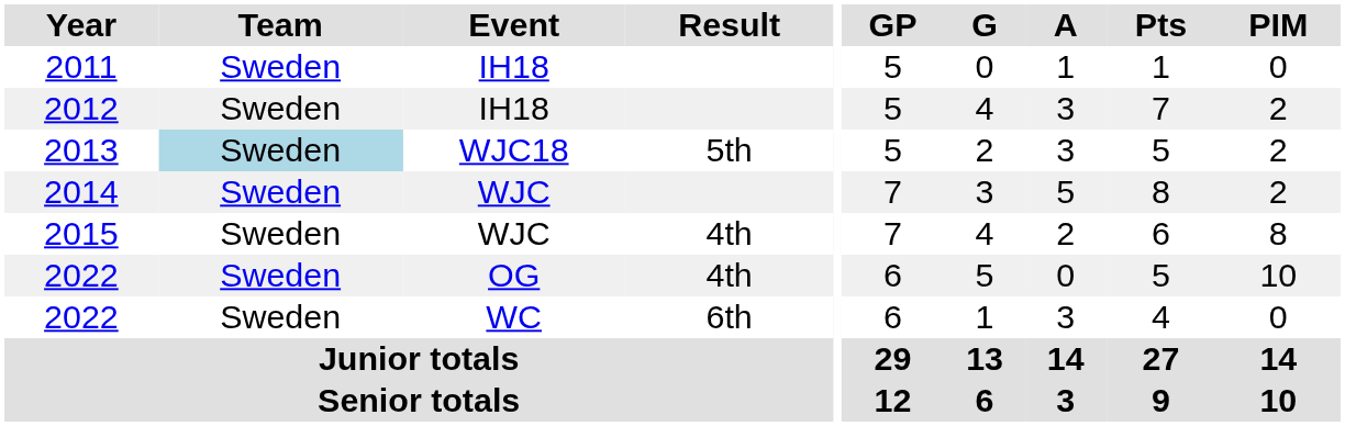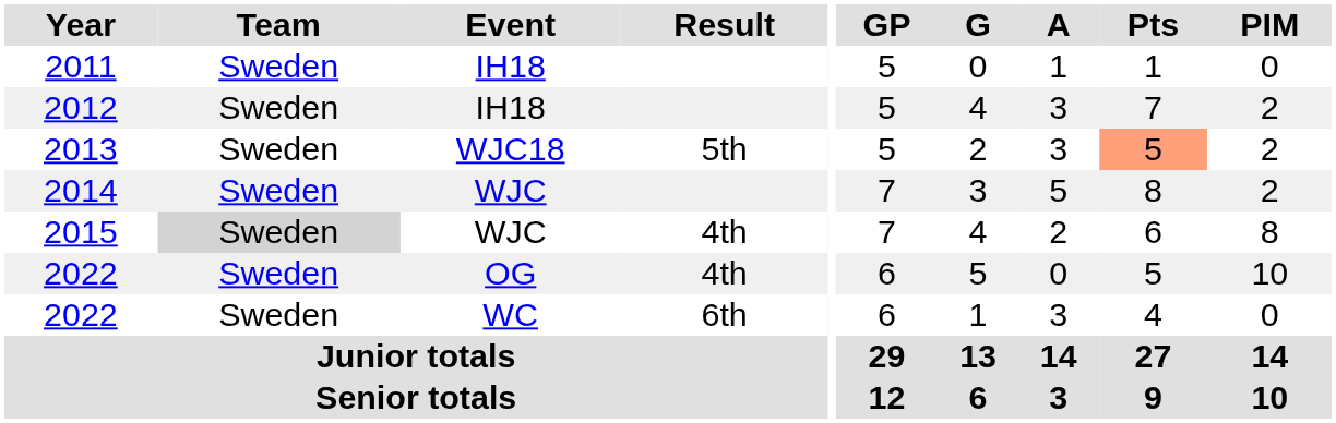 <table border="0" cellpadding="1" cellspacing="0" ID="Table3" style="text-align:center; width:40em">
 <tr ALIGN="center" bgcolor="#e0e0e0">
 <th>Year</th>
 <th>Team</th>
 <th>Event</th>
 <th>Result</th>
 <th rowspan="99" bgcolor="#ffffff"></th>
 <th>GP</th>
 <th>G</th>
 <th>A</th>
 <th>Pts</th>
 <th>PIM</th>
 </tr>
 <tr>
 <td><a href='#'>2011</a></td>
 <td><a href='#'>Sweden</a></td>
 <td><a href='#'>IH18</a></td>
 <td></td>
 <td>5</td>
 <td>0</td>
 <td>1</td>
 <td>1</td>
 <td>0</td>
 </tr>
 <tr bgcolor="#f0f0f0">
 <td><a href='#'>2012</a></td>
 <td>Sweden</td>
 <td>IH18</td>
 <td></td>
 <td>5</td>
 <td>4</td>
 <td>3</td>
 <td>7</td>
 <td>2</td>
 </tr>
 <tr>
 <td><a href='#'>2013</a></td>
-<td style="background: lightblue;">Sweden</td>
+<td>Sweden</td>
 <td><a href='#'>WJC18</a></td>
 <td>5th</td>
 <td>5</td>
 <td>2</td>
 <td>3</td>
-<td>5</td>
+<td style="background: lightsalmon;">5</td>
 <td>2</td>
 </tr>
 <tr bgcolor="#f0f0f0">
 <td><a href='#'>2014</a></td>
 <td><a href='#'>Sweden</a></td>
 <td><a href='#'>WJC</a></td>
 <td></td>
 <td>7</td>
 <td>3</td>
 <td>5</td>
 <td>8</td>
 <td>2</td>
 </tr>
 <tr>
 <td><a href='#'>2015</a></td>
-<td>Sweden</td>
+<td style="background: lightgrey;">Sweden</td>
 <td>WJC</td>
 <td>4th</td>
 <td>7</td>
 <td>4</td>
 <td>2</td>
 <td>6</td>
 <td>8</td>
 </tr>
 <tr bgcolor="#f0f0f0">
 <td><a href='#'>2022</a></td>
 <td><a href='#'>Sweden</a></td>
 <td><a href='#'>OG</a></td>
 <td>4th</td>
 <td>6</td>
 <td>5</td>
 <td>0</td>
 <td>5</td>
 <td>10</td>
 </tr>
 <tr>
 <td><a href='#'>2022</a></td>
 <td>Sweden</td>
 <td><a href='#'>WC</a></td>
 <td>6th</td>
 <td>6</td>
 <td>1</td>
 <td>3</td>
 <td>4</td>
 <td>0</td>
 </tr>
 <tr bgcolor="#e0e0e0">
 <th colspan="4">Junior totals</th>
 <th>29</th>
 <th>13</th>
 <th>14</th>
 <th>27</th>
 <th>14</th>
 </tr>
 <tr bgcolor="#e0e0e0">
 <th colspan="4">Senior totals</th>
 <th>12</th>
 <th>6</th>
 <th>3</th>
 <th>9</th>
 <th>10</th>
 </tr>
 </table>
